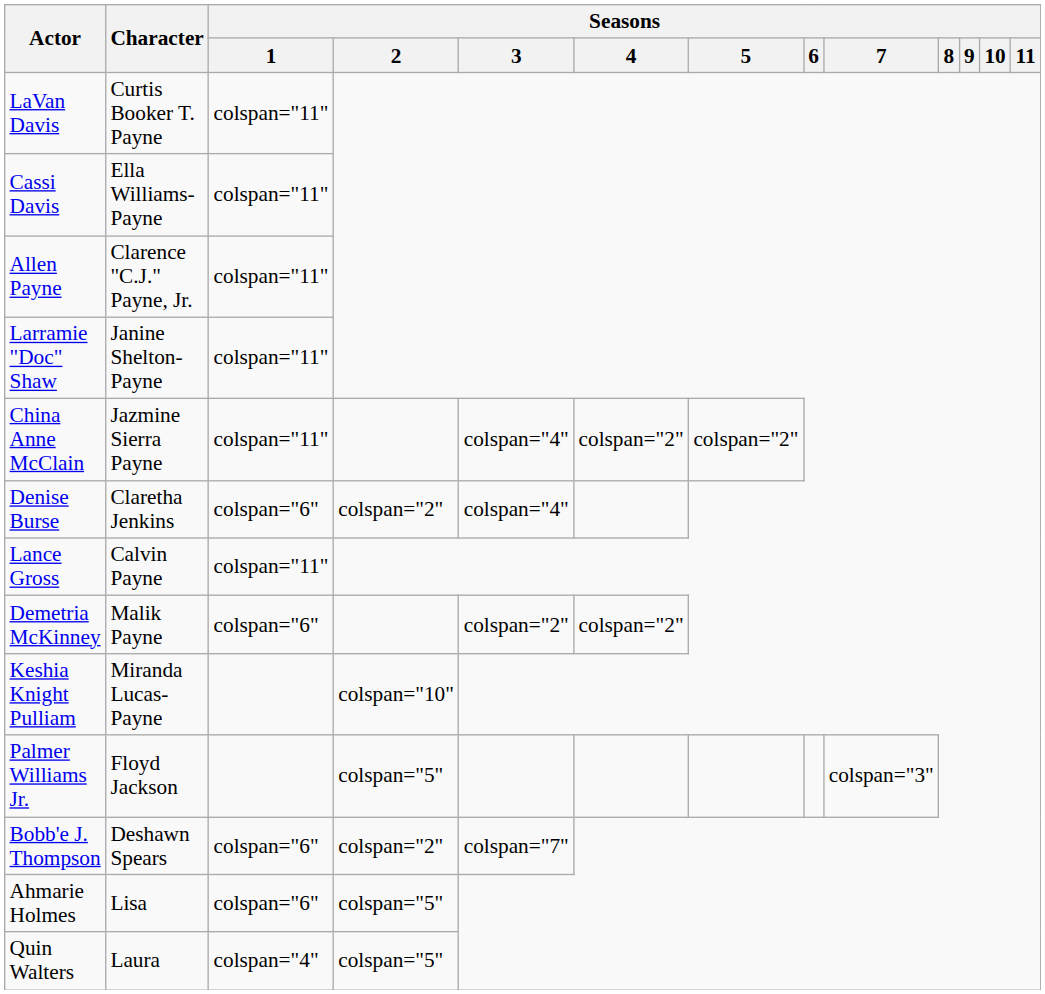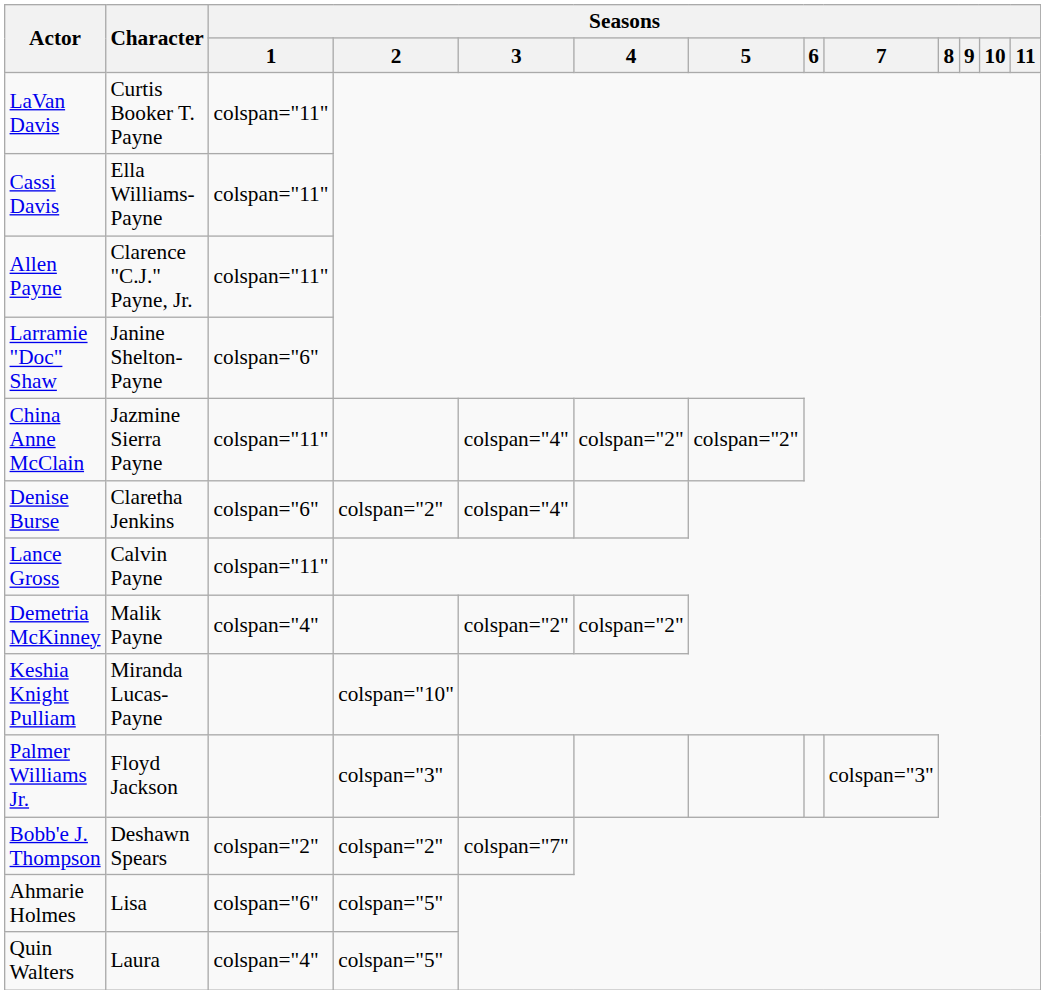 <table class="wikitable">
 <tr>
 <th rowspan="2">Actor</th>
 <th rowspan="2">Character</th>
 <th colspan="11">Seasons</th>
 </tr>
 <tr>
 <th width="5%">1</th>
 <th ! width="5%">2</th>
 <th ! width="5%">3</th>
 <th ! width="5%">4</th>
 <th ! width="5%">5</th>
 <th ! width="5%">6</th>
 <th ! width="5%">7</th>
 <th ! width="5%">8</th>
 <th ! width="5%">9</th>
 <th ! width="5%">10</th>
 <th ! width="5%">11</th>
 </tr>
 <tr>
 <td><a href='#'>LaVan Davis</a></td>
 <td>Curtis Booker T. Payne</td>
 <td>colspan="11" </td>
 </tr>
 <tr>
 <td><a href='#'>Cassi Davis</a></td>
 <td>Ella Williams-Payne</td>
 <td>colspan="11" </td>
 </tr>
 <tr>
 <td><a href='#'>Allen Payne</a></td>
 <td>Clarence "C.J." Payne, Jr.</td>
 <td>colspan="11" </td>
 </tr>
 <tr>
 <td><a href='#'>Larramie "Doc" Shaw</a></td>
 <td>Janine Shelton-Payne</td>
-<td>colspan="11" </td>
+<td>colspan="6" </td>
 </tr>
 <tr>
 <td><a href='#'>China Anne McClain</a></td>
 <td>Jazmine Sierra Payne</td>
 <td>colspan="11" </td>
 <td></td>
 <td>colspan="4" </td>
 <td>colspan="2" </td>
 <td>colspan="2" </td>
 </tr>
 <tr>
 <td><a href='#'>Denise Burse</a></td>
 <td>Claretha Jenkins</td>
 <td>colspan="6" </td>
 <td>colspan="2" </td>
 <td>colspan="4" </td>
 <td></td>
 </tr>
 <tr>
 <td><a href='#'>Lance Gross</a></td>
 <td>Calvin Payne</td>
 <td>colspan="11" </td>
 </tr>
 <tr>
 <td><a href='#'>Demetria McKinney</a></td>
 <td>Malik Payne</td>
-<td>colspan="6" </td>
+<td>colspan="4" </td>
 <td></td>
 <td>colspan="2" </td>
 <td>colspan="2" </td>
 </tr>
 <tr>
 <td><a href='#'>Keshia Knight Pulliam</a></td>
 <td>Miranda Lucas-Payne</td>
 <td></td>
 <td>colspan="10" </td>
 </tr>
 <tr>
 <td><a href='#'>Palmer Williams Jr.</a></td>
 <td>Floyd Jackson</td>
 <td></td>
-<td>colspan="5" </td>
+<td>colspan="3" </td>
 <td></td>
 <td></td>
 <td></td>
 <td></td>
 <td>colspan="3" </td>
 </tr>
 <tr>
 <td><a href='#'>Bobb'e J. Thompson</a></td>
 <td>Deshawn Spears</td>
-<td>colspan="6" </td>
+<td>colspan="2" </td>
 <td>colspan="2" </td>
 <td>colspan="7" </td>
 </tr>
 <tr>
 <td>Ahmarie Holmes</td>
 <td>Lisa</td>
 <td>colspan="6" </td>
 <td>colspan="5" </td>
 </tr>
 <tr>
 <td>Quin Walters</td>
 <td>Laura</td>
 <td>colspan="4" </td>
 <td>colspan="5" </td>
 </tr>
 </table>
